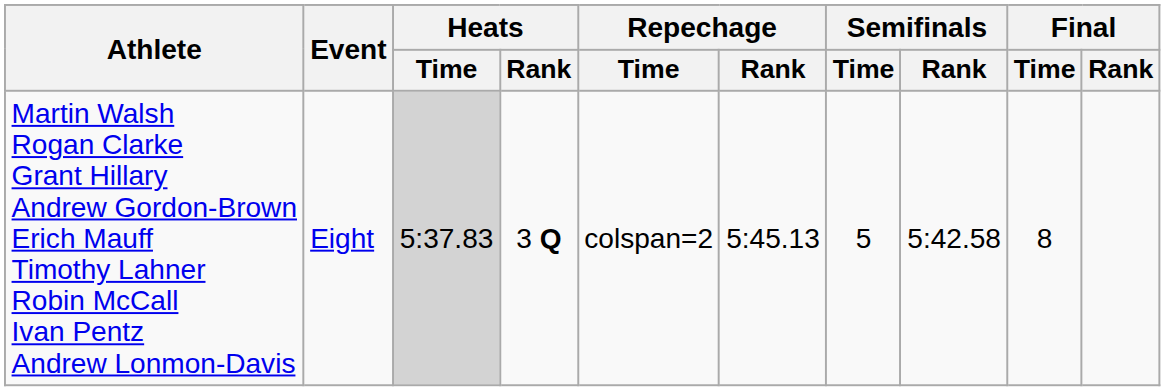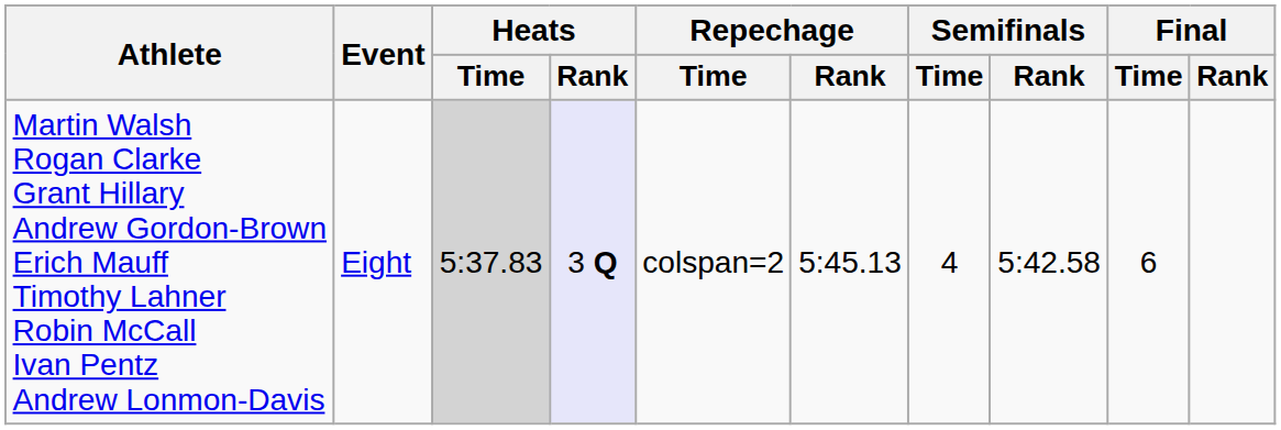 <table class="wikitable" style="font-size:90%">
 <tr>
 <th rowspan="2">Athlete</th>
 <th rowspan="2">Event</th>
 <th colspan="2">Heats</th>
 <th colspan="2">Repechage</th>
 <th colspan="2">Semifinals</th>
 <th colspan="2">Final</th>
 </tr>
 <tr style="font-size:95%">
 <th>Time</th>
 <th>Rank</th>
 <th>Time</th>
 <th>Rank</th>
 <th>Time</th>
 <th>Rank</th>
 <th>Time</th>
 <th>Rank</th>
 </tr>
 <tr align=center>
 <td align=left><a href='#'>Martin Walsh</a><br><a href='#'>Rogan Clarke</a><br><a href='#'>Grant Hillary</a><br><a href='#'>Andrew Gordon-Brown</a><br><a href='#'>Erich Mauff</a><br><a href='#'>Timothy Lahner</a><br><a href='#'>Robin McCall</a><br><a href='#'>Ivan Pentz</a><br><a href='#'>Andrew Lonmon-Davis</a></td>
 <td align=left><a href='#'>Eight</a></td>
 <td style="background: lightgrey;">5:37.83</td>
-<td>3 <strong>Q</strong></td>
+<td style="background: lavender;">3 <strong>Q</strong></td>
 <td>colspan=2 </td>
 <td>5:45.13</td>
-<td>5</td>
+<td>4</td>
 <td>5:42.58</td>
-<td>8</td>
+<td>6</td>
 </tr>
 </table>
